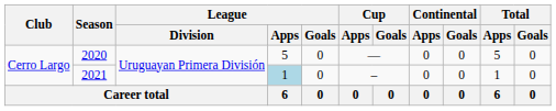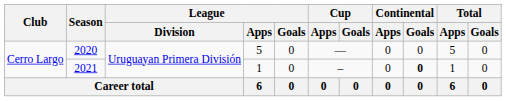 <table class="wikitable" Style="text-align: center">
 <tr>
 <th rowspan="2">Club</th>
 <th rowspan="2">Season</th>
 <th colspan="3">League</th>
 <th colspan="2">Cup</th>
 <th colspan="2">Continental</th>
 <th colspan="2">Total</th>
 </tr>
 <tr>
 <th>Division</th>
 <th>Apps</th>
 <th>Goals</th>
 <th>Apps</th>
 <th>Goals</th>
 <th>Apps</th>
 <th>Goals</th>
 <th>Apps</th>
 <th>Goals</th>
 </tr>
 <tr>
 <td rowspan="2"><a href='#'>Cerro Largo</a></td>
 <td><a href='#'>2020</a></td>
 <td rowspan="2"><a href='#'>Uruguayan Primera División</a></td>
 <td>5</td>
 <td>0</td>
 <td colspan="2">—</td>
 <td>0</td>
 <td>0</td>
 <td>5</td>
 <td>0</td>
 </tr>
 <tr>
 <td><a href='#'>2021</a></td>
-<td style="background: lightblue;">1</td>
+<td>1</td>
 <td>0</td>
 <td colspan="2">–</td>
 <td>0</td>
-<td>0</td>
+<td><strong>0</strong></td>
 <td>1</td>
 <td>0</td>
 </tr>
 <tr>
 <th colspan="3">Career total</th>
 <th>6</th>
 <th>0</th>
 <th>0</th>
 <th>0</th>
 <th>0</th>
 <th>0</th>
 <th>6</th>
 <th>0</th>
 </tr>
 </table>
